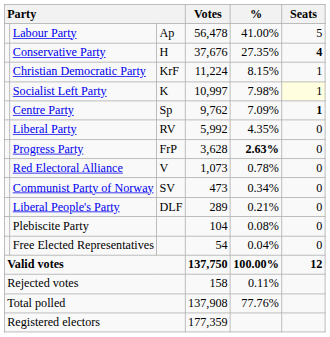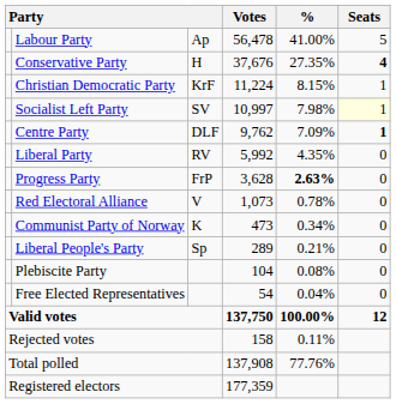 <table class="wikitable" border="1" style="text-align:right;">
 <tr>
 <th style="text-align:left;" colspan=3>Party</th>
 <th align=center width="50">Votes</th>
 <th align=center width="50">%</th>
 <th align=center width="50">Seats</th>
 </tr>
 <tr>
 <td style="color:inherit;background:"></td>
 <td align=left><a href='#'>Labour Party</a></td>
 <td align=left>Ap</td>
 <td>56,478</td>
 <td>41.00%</td>
 <td>5</td>
 </tr>
 <tr>
 <td style="color:inherit;background:"></td>
 <td align=left><a href='#'>Conservative Party</a></td>
 <td align=left>H</td>
 <td>37,676</td>
 <td>27.35%</td>
 <td><strong>4</strong></td>
 </tr>
 <tr>
 <td style="color:inherit;background:"></td>
 <td align=left><a href='#'>Christian Democratic Party</a></td>
 <td align=left>KrF</td>
 <td>11,224</td>
 <td>8.15%</td>
 <td>1</td>
 </tr>
 <tr>
 <td style="color:inherit;background:"></td>
 <td align=left><a href='#'>Socialist Left Party</a></td>
-<td align=left>K</td>
+<td align=left>SV</td>
 <td>10,997</td>
 <td>7.98%</td>
 <td style="background: lightyellow;">1</td>
 </tr>
 <tr>
 <td style="color:inherit;background:"></td>
 <td align=left><a href='#'>Centre Party</a></td>
-<td align=left>Sp</td>
+<td align=left>DLF</td>
 <td>9,762</td>
 <td>7.09%</td>
 <td><strong>1</strong></td>
 </tr>
 <tr>
 <td style="color:inherit;background:"></td>
 <td align=left><a href='#'>Liberal Party</a></td>
 <td align=left>RV</td>
 <td>5,992</td>
 <td>4.35%</td>
 <td>0</td>
 </tr>
 <tr>
 <td style="color:inherit;background:"></td>
 <td align=left><a href='#'>Progress Party</a></td>
 <td align=left>FrP</td>
 <td>3,628</td>
 <td><strong>2.63%</strong></td>
 <td>0</td>
 </tr>
 <tr>
 <td style="color:inherit;background:"></td>
 <td align=left><a href='#'>Red Electoral Alliance</a></td>
 <td align=left>V</td>
 <td>1,073</td>
 <td>0.78%</td>
 <td>0</td>
 </tr>
 <tr>
 <td style="color:inherit;background:"></td>
 <td align=left><a href='#'>Communist Party of Norway</a></td>
-<td align=left>SV</td>
+<td align=left>K</td>
 <td>473</td>
 <td>0.34%</td>
 <td>0</td>
 </tr>
 <tr>
 <td style="color:inherit;background:"></td>
 <td align=left><a href='#'>Liberal People's Party</a></td>
-<td align=left>DLF</td>
+<td align=left>Sp</td>
 <td>289</td>
 <td>0.21%</td>
 <td>0</td>
 </tr>
 <tr>
 <td></td>
 <td align=left>Plebiscite Party</td>
 <td align=left></td>
 <td>104</td>
 <td>0.08%</td>
 <td>0</td>
 </tr>
 <tr>
 <td></td>
 <td align=left>Free Elected Representatives</td>
 <td align=left></td>
 <td>54</td>
 <td>0.04%</td>
 <td>0</td>
 </tr>
 <tr style="font-weight:bold">
 <td align=left colspan=3>Valid votes</td>
 <td>137,750</td>
 <td>100.00%</td>
 <td>12</td>
 </tr>
 <tr>
 <td align=left colspan=3>Rejected votes</td>
 <td>158</td>
 <td>0.11%</td>
 <td></td>
 </tr>
 <tr>
 <td align=left colspan=3>Total polled</td>
 <td>137,908</td>
 <td>77.76%</td>
 <td></td>
 </tr>
 <tr>
 <td align=left colspan=3>Registered electors</td>
 <td>177,359</td>
 <td></td>
 <td></td>
 </tr>
 </table>
